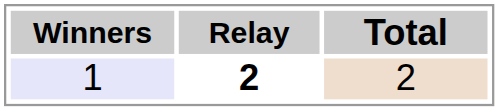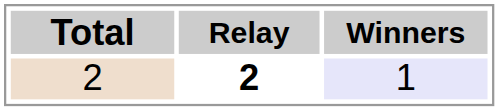 <table style="border: 1px solid #999; background-color:#FFFFFF; line-height:16px; text-align:center">
 <tr>
+<th style="background-color: #ccc;" width="70">Total</th>
+<th style="background-color: #ccc;" width="60"><small>Relay</small></th>
 <th style="background-color: #ccc;" width="70"><small>Winners</small></th>
-<th style="background-color: #ccc;" width="60"><small>Relay</small></th>
-<th style="background-color: #ccc;" width="70">Total</th>
 </tr>
 <tr>
+<td bgcolor=#EFDECD>2</td>
+<td><strong>2</strong></td>
 <td bgcolor="#E6E6FA">1</td>
-<td><strong>2</strong></td>
-<td bgcolor=#EFDECD>2</td>
 </tr>
 </table>
